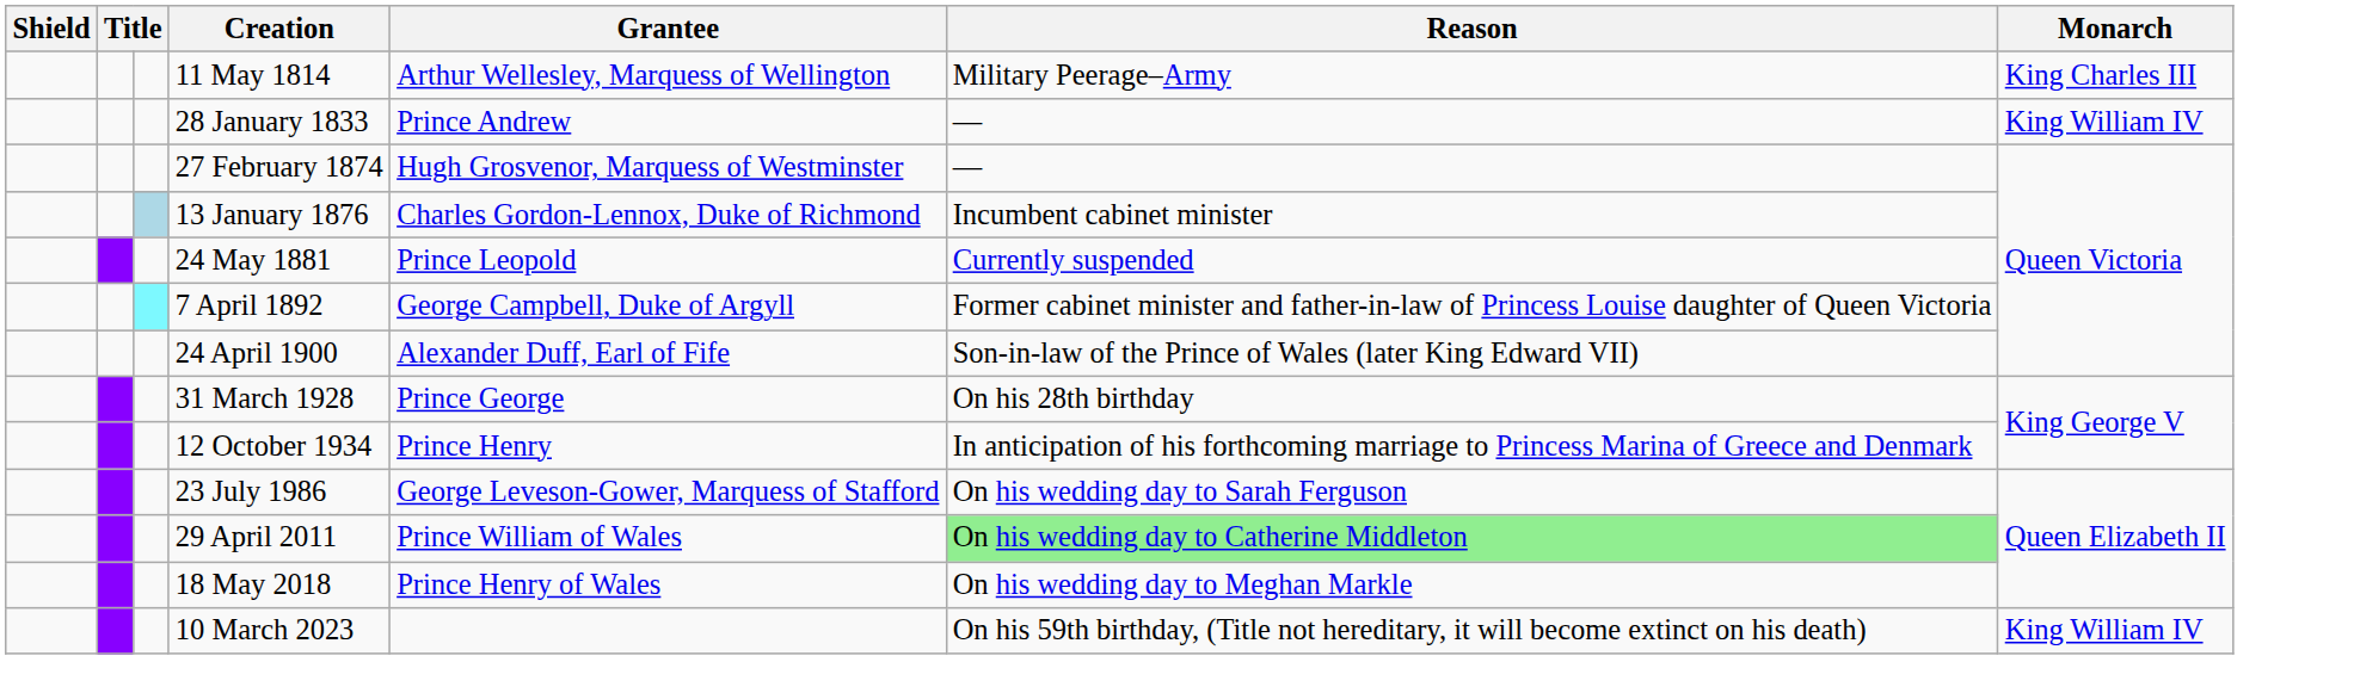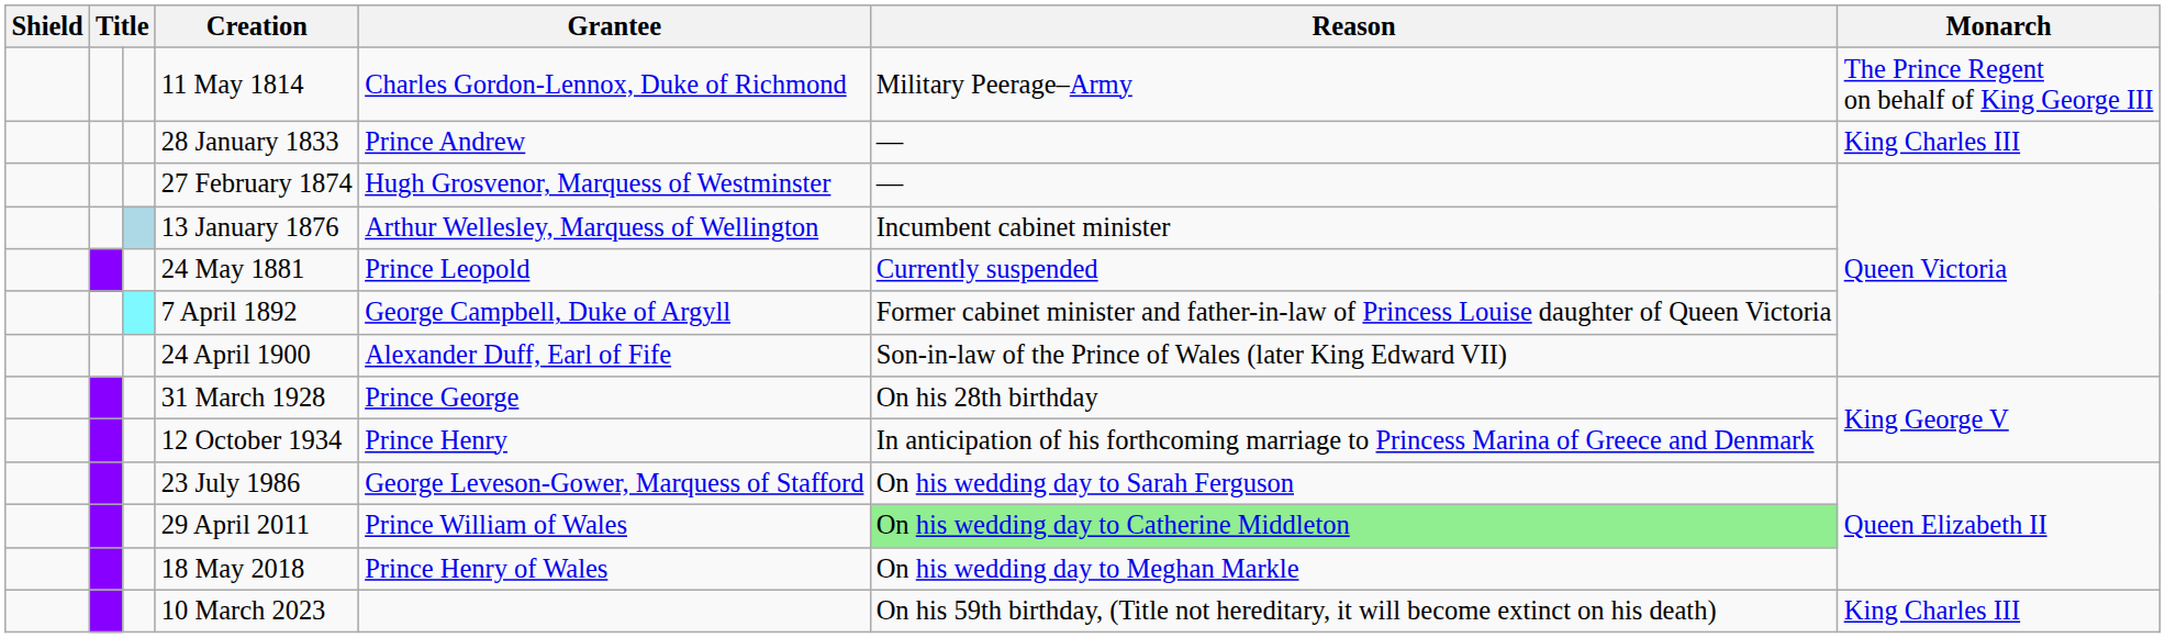 <table class="wikitable sortable">
 <tr>
 <th>Shield</th>
 <th colspan=2>Title</th>
 <th>Creation</th>
 <th>Grantee</th>
 <th>Reason</th>
 <th>Monarch</th>
 </tr>
 <tr>
 <td align=center><br></td>
 <td style="background-color:"></td>
 <td></td>
 <td>11 May 1814</td>
-<td> <a href='#'>Arthur Wellesley, Marquess of Wellington</a></td>
+<td> <a href='#'>Charles Gordon-Lennox, Duke of Richmond</a></td>
 <td>Military Peerage–<a href='#'>Army</a></td>
-<td><a href='#'>King Charles III</a></td>
+<td><a href='#'>The Prince Regent</a><br>on behalf of <a href='#'>King George III</a></td>
 </tr>
 <tr>
 <td align=center><br></td>
 <td style="background-color:"></td>
 <td></td>
 <td>28 January 1833</td>
 <td> <a href='#'>Prince Andrew</a></td>
 <td>—</td>
-<td><a href='#'>King William IV</a></td>
+<td><a href='#'>King Charles III</a></td>
 </tr>
 <tr>
 <td align=center><br></td>
 <td style="background-color:"></td>
 <td></td>
 <td>27 February 1874</td>
 <td> <a href='#'>Hugh Grosvenor, Marquess of Westminster</a></td>
 <td>—</td>
 <td rowspan=5><a href='#'>Queen Victoria</a></td>
 </tr>
 <tr>
 <td align=center><br></td>
 <td style="background-color:"></td>
 <td style="background:#ADD8E6"></td>
 <td>13 January 1876</td>
-<td> <a href='#'>Charles Gordon-Lennox, Duke of Richmond</a></td>
+<td> <a href='#'>Arthur Wellesley, Marquess of Wellington</a></td>
 <td>Incumbent cabinet minister</td>
 </tr>
 <tr>
 <td align=center><br></td>
 <td style="background-color:#8800FF"></td>
 <td></td>
 <td>24 May 1881</td>
 <td><a href='#'>Prince Leopold</a></td>
 <td><a href='#'>Currently suspended</a></td>
 </tr>
 <tr>
 <td align=center><br></td>
 <td style="background-color:"></td>
 <td style="background:#7DF9FF"></td>
 <td>7 April 1892</td>
 <td> <a href='#'>George Campbell, Duke of Argyll</a></td>
 <td>Former cabinet minister and father-in-law of <a href='#'>Princess Louise</a> daughter of Queen Victoria</td>
 </tr>
 <tr>
 <td align=center><br></td>
 <td style="background-color:"></td>
 <td></td>
 <td>24 April 1900</td>
 <td> <a href='#'>Alexander Duff, Earl of Fife</a></td>
 <td>Son-in-law of the Prince of Wales (later King Edward VII)</td>
 </tr>
 <tr>
 <td align=center><br></td>
 <td style="background-color:#8800FF"></td>
 <td></td>
 <td>31 March 1928</td>
 <td> <a href='#'>Prince George</a></td>
 <td>On his 28th birthday</td>
 <td rowspan=2><a href='#'>King George V</a></td>
 </tr>
 <tr>
 <td align=center><br></td>
 <td style="background-color:#8800FF"></td>
 <td></td>
 <td>12 October 1934</td>
 <td> <a href='#'>Prince Henry</a></td>
 <td>In anticipation of his forthcoming marriage to <a href='#'>Princess Marina of Greece and Denmark</a></td>
 </tr>
 <tr>
 <td align=center><br></td>
 <td style="background-color:#8800FF"></td>
 <td></td>
 <td>23 July 1986</td>
 <td> <a href='#'>George Leveson-Gower, Marquess of Stafford</a></td>
 <td>On <a href='#'>his wedding day to Sarah Ferguson</a></td>
 <td rowspan=3><a href='#'>Queen Elizabeth II</a></td>
 </tr>
 <tr>
 <td align=center><br></td>
 <td style="background-color:#8800FF"></td>
 <td></td>
 <td>29 April 2011</td>
 <td> <a href='#'>Prince William of Wales</a></td>
 <td style="background: lightgreen;">On <a href='#'>his wedding day to Catherine Middleton</a></td>
 </tr>
 <tr>
 <td align=center><br></td>
 <td style="background-color:#8800FF"></td>
 <td></td>
 <td>18 May 2018</td>
 <td> <a href='#'>Prince Henry of Wales</a></td>
 <td>On <a href='#'>his wedding day to Meghan Markle</a></td>
 </tr>
 <tr>
 <td align=center></td>
 <td style="background-color:#8800FF"></td>
 <td></td>
 <td>10 March 2023</td>
 <td></td>
 <td>On his 59th birthday, (Title not hereditary, it will become extinct on his death)</td>
-<td><a href='#'>King William IV</a></td>
+<td><a href='#'>King Charles III</a></td>
 </tr>
 </table>
